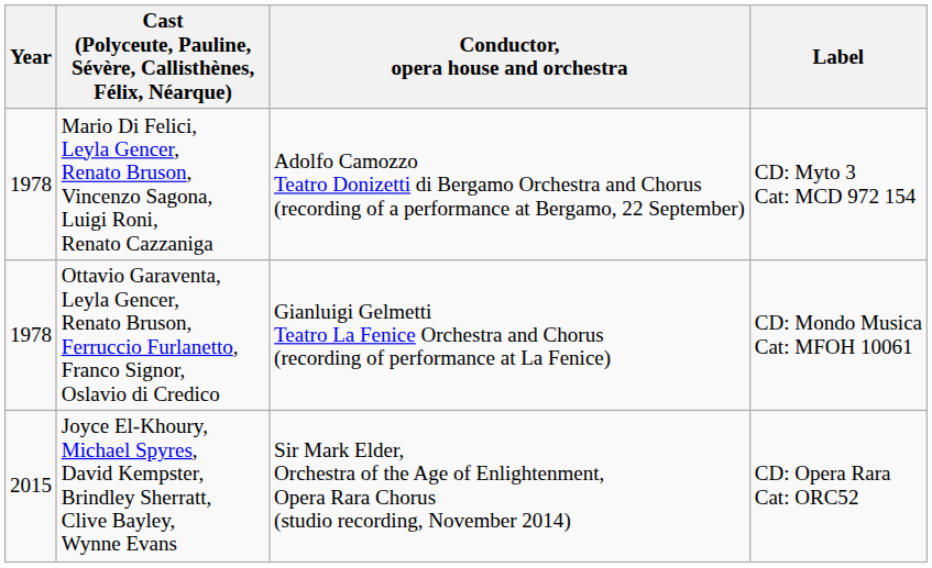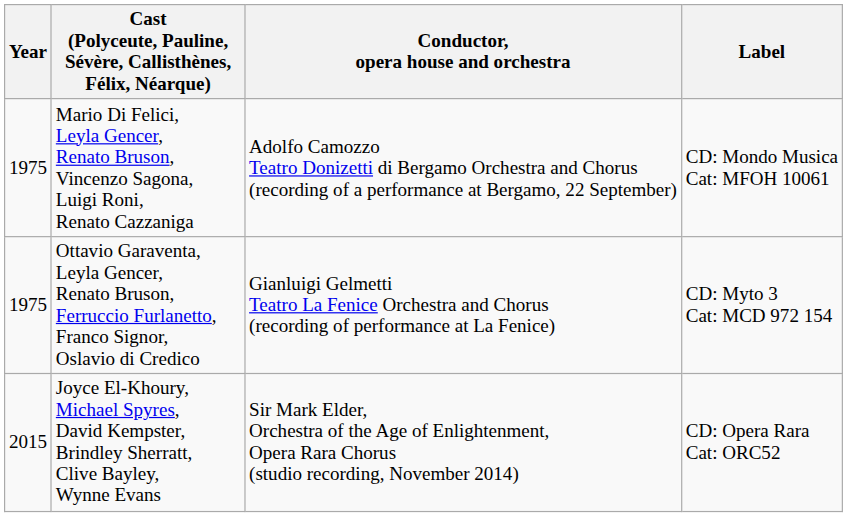 <table class="wikitable">
 <tr>
 <th>Year</th>
 <th width="155">Cast <br>(Polyceute, Pauline, Sévère, Callisthènes,<br>Félix, Néarque)</th>
 <th>Conductor,<br>opera house and orchestra</th>
 <th>Label</th>
 </tr>
 <tr>
-<td>1978</td>
+<td>1975</td>
 <td>Mario Di Felici,<br><a href='#'>Leyla Gencer</a>,<br><a href='#'>Renato Bruson</a>,<br>Vincenzo Sagona,<br>Luigi Roni,<br>Renato Cazzaniga</td>
 <td>Adolfo Camozzo<br><a href='#'>Teatro Donizetti</a> di Bergamo Orchestra and Chorus<br>(recording of a performance at Bergamo, 22 September)</td>
-<td>CD: Myto 3 <br>Cat: MCD 972 154</td>
+<td>CD: Mondo Musica<br>Cat: MFOH 10061</td>
 </tr>
 <tr>
-<td>1978</td>
+<td>1975</td>
 <td>Ottavio Garaventa,<br>Leyla Gencer,<br>Renato Bruson,<br><a href='#'>Ferruccio Furlanetto</a>,<br>Franco Signor,<br>Oslavio di Credico</td>
 <td>Gianluigi Gelmetti<br><a href='#'>Teatro La Fenice</a> Orchestra and Chorus<br>(recording of performance at La Fenice)</td>
-<td>CD: Mondo Musica<br>Cat: MFOH 10061</td>
+<td>CD: Myto 3 <br>Cat: MCD 972 154</td>
 </tr>
 <tr>
 <td>2015</td>
 <td>Joyce El-Khoury, <br> <a href='#'>Michael Spyres</a>,<br>David Kempster,<br>Brindley Sherratt,<br>Clive Bayley,<br>Wynne Evans</td>
 <td>Sir Mark Elder,<br>Orchestra of the Age of Enlightenment,<br>Opera Rara Chorus<br>(studio recording, November 2014)</td>
 <td>CD: Opera Rara<br>Cat: ORC52</td>
 </tr>
 </table>
